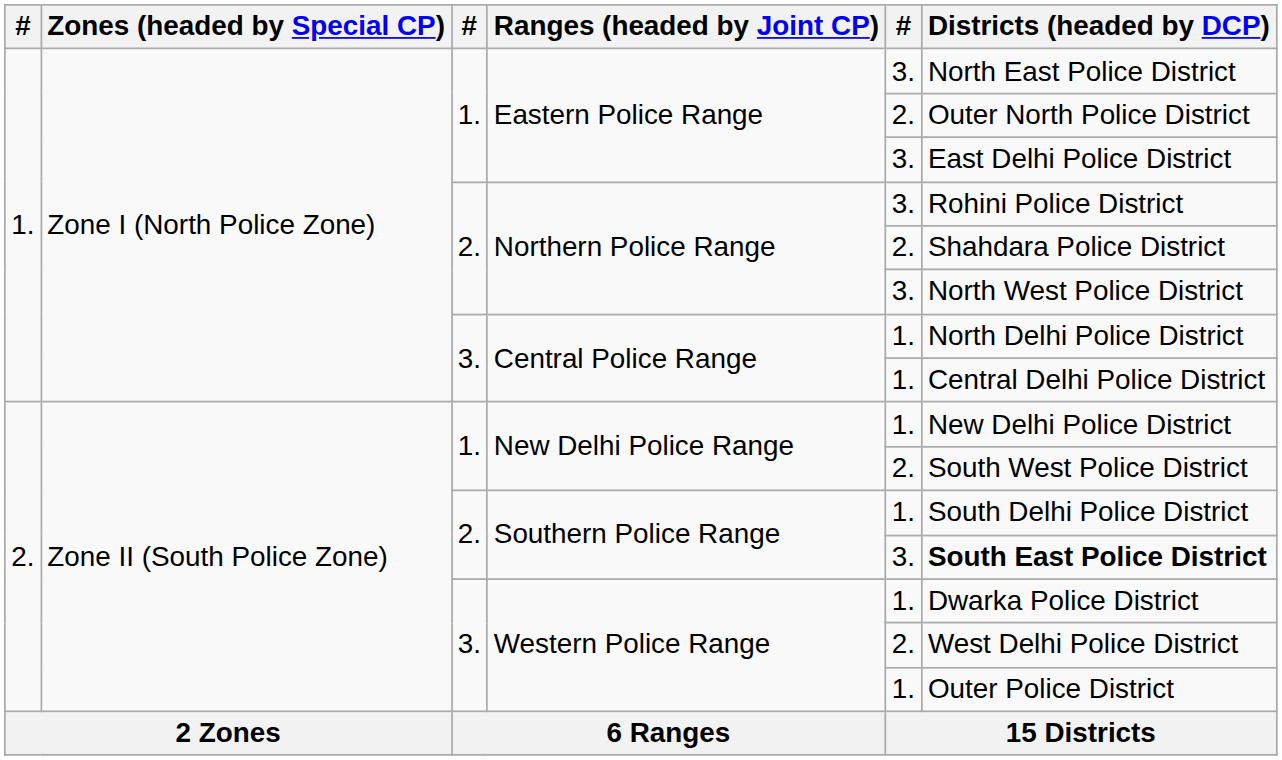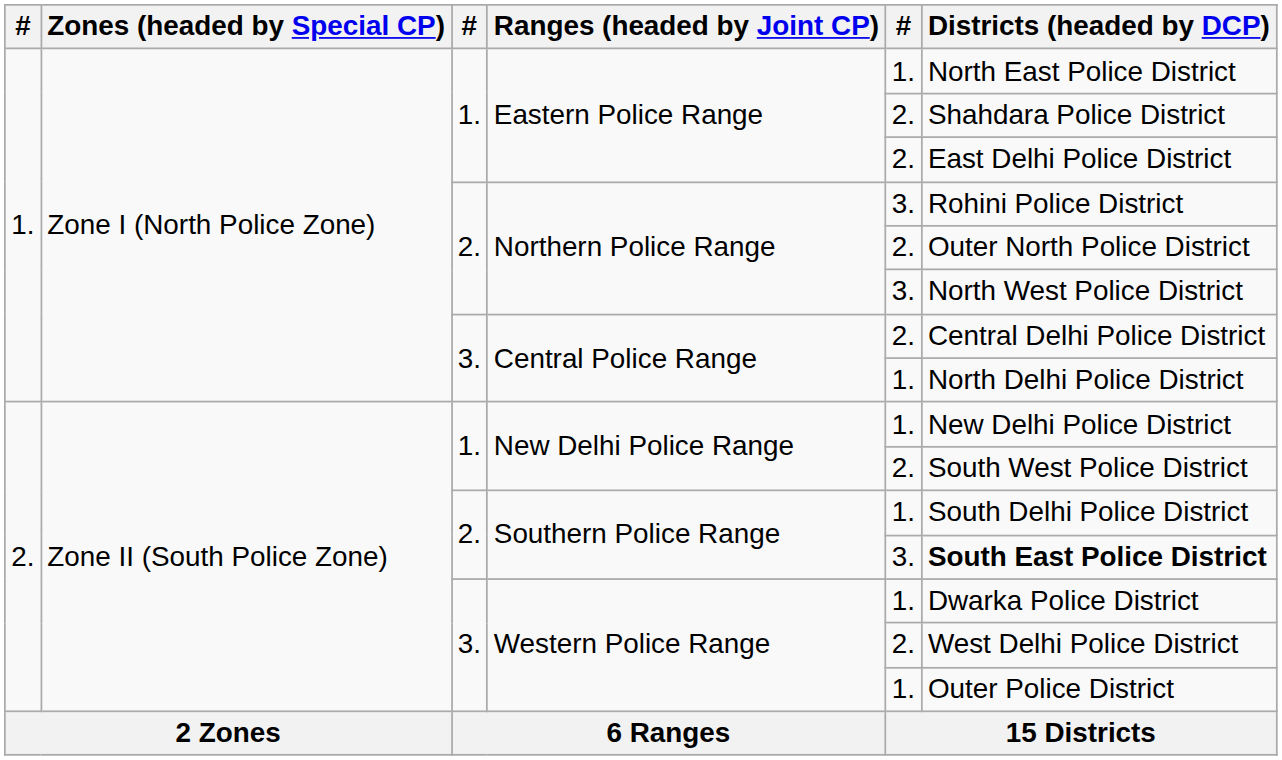 <table class="wikitable" align="center">
 <tr>
 <th>#</th>
 <th>Zones (headed by <a href='#'>Special CP</a>)</th>
 <th>#</th>
 <th>Ranges (headed by <a href='#'>Joint CP</a>)</th>
 <th>#</th>
 <th>Districts (headed by <a href='#'>DCP</a>)</th>
 </tr>
 <tr>
 <td rowspan="8">1.</td>
 <td rowspan="8">Zone I (North Police Zone)</td>
 <td rowspan="3">1.</td>
 <td rowspan="3">Eastern Police Range</td>
-<td>3.</td>
+<td>1.</td>
 <td>North East Police District</td>
 </tr>
 <tr>
 <td>2.</td>
-<td>Outer North Police District</td>
+<td>Shahdara Police District</td>
 </tr>
 <tr>
-<td>3.</td>
+<td>2.</td>
 <td>East Delhi Police District</td>
 </tr>
 <tr>
 <td rowspan="3">2.</td>
 <td rowspan="3">Northern Police Range</td>
 <td>3.</td>
 <td>Rohini Police District</td>
 </tr>
 <tr>
 <td>2.</td>
-<td>Shahdara Police District</td>
+<td>Outer North Police District</td>
 </tr>
 <tr>
 <td>3.</td>
 <td>North West Police District</td>
 </tr>
 <tr>
 <td rowspan="2">3.</td>
 <td rowspan="2">Central Police Range</td>
-<td>1.</td>
-<td>North Delhi Police District</td>
+<td>2.</td>
+<td>Central Delhi Police District</td>
 </tr>
 <tr>
 <td>1.</td>
-<td>Central Delhi Police District</td>
+<td>North Delhi Police District</td>
 </tr>
 <tr>
 <td rowspan="7">2.</td>
 <td rowspan="7">Zone II (South Police Zone)</td>
 <td rowspan="2">1.</td>
 <td rowspan="2">New Delhi Police Range</td>
 <td>1.</td>
 <td>New Delhi Police District</td>
 </tr>
 <tr>
 <td>2.</td>
 <td>South West Police District</td>
 </tr>
 <tr>
 <td rowspan="2">2.</td>
 <td rowspan="2">Southern Police Range</td>
 <td>1.</td>
 <td>South Delhi Police District</td>
 </tr>
 <tr>
 <td>3.</td>
 <td><strong>South East Police District</strong></td>
 </tr>
 <tr>
 <td rowspan="3">3.</td>
 <td rowspan="3">Western Police Range</td>
 <td>1.</td>
 <td>Dwarka Police District</td>
 </tr>
 <tr>
 <td>2.</td>
 <td>West Delhi Police District</td>
 </tr>
 <tr>
 <td>1.</td>
 <td>Outer Police District</td>
 </tr>
 <tr>
 <th colspan="2">2 Zones</th>
 <th colspan="2">6 Ranges</th>
 <th colspan="2">15 Districts</th>
 </tr>
 </table>
